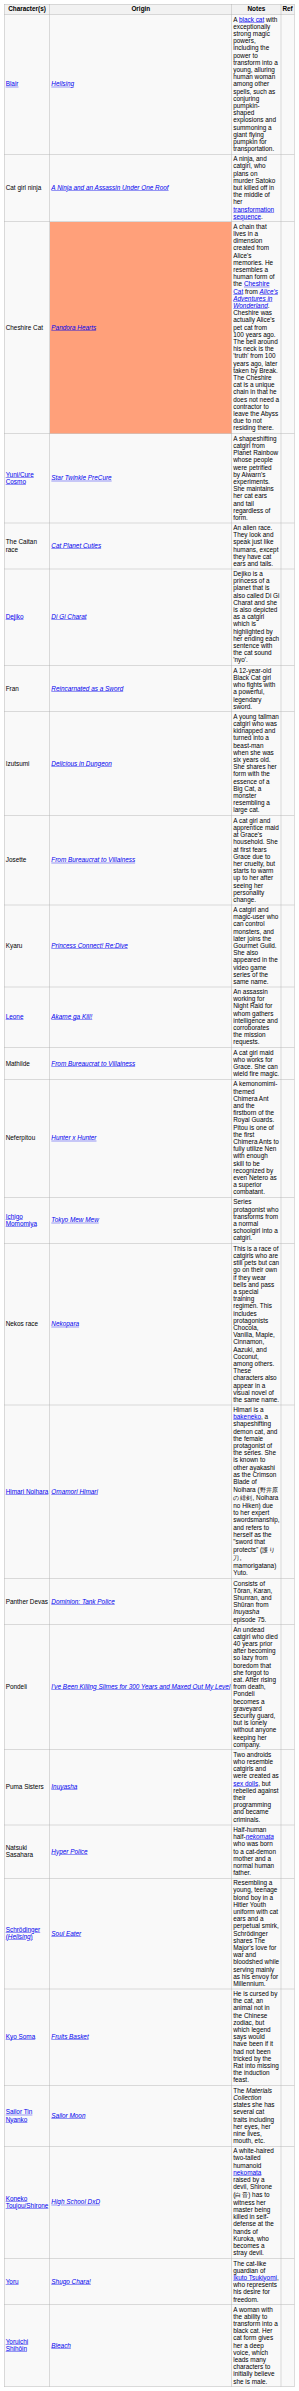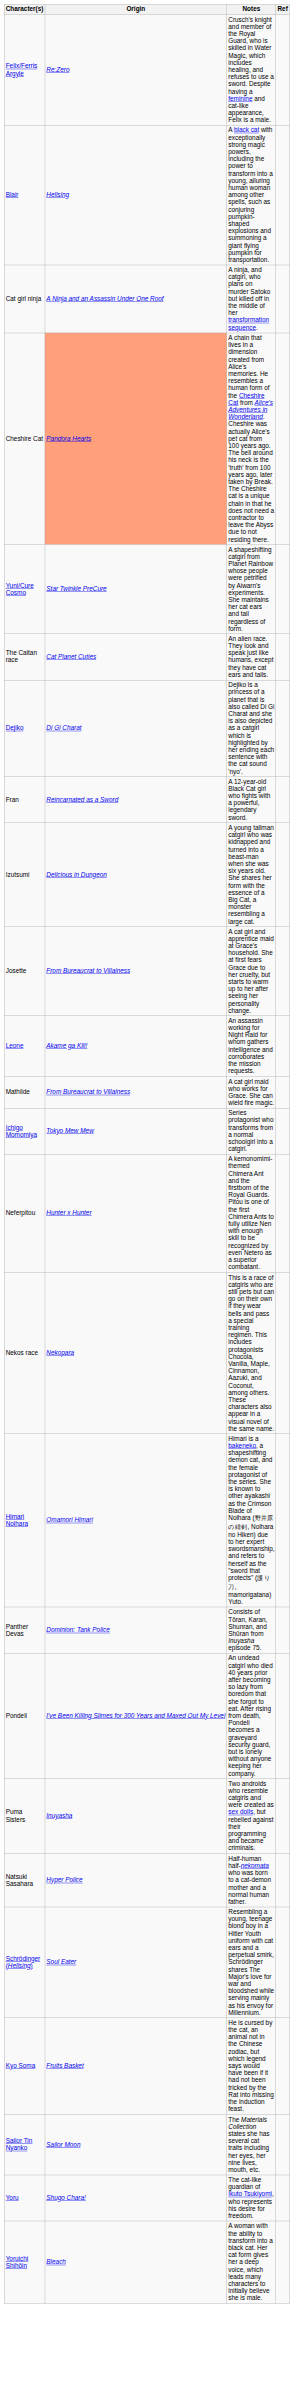 <table class="wikitable sortable">
 <tr>
 <th>Character(s)</th>
 <th>Origin</th>
 <th>Notes</th>
 <th>Ref</th>
+</tr>
+<tr>
+<td><a href='#'>Felix/Ferris Argyle</a></td>
+<td nowrap><em><a href='#'>Re:Zero</a></em></td>
+<td>Crusch's knight and member of the Royal Guard, who is skilled in Water Magic, which includes healing, and refuses to use a sword. Despite having a <a href='#'>feminine</a> and cat-like appearance, Felix is a male.</td>
+<td></td>
 </tr>
 <tr>
 <td><a href='#'>Blair</a></td>
 <td nowrap><em><a href='#'>Hellsing</a></em></td>
 <td>A <a href='#'>black cat</a> with exceptionally strong magic powers, including the power to transform into a young, alluring human woman among other spells, such as conjuring pumpkin-shaped explosions and summoning a giant flying pumpkin for transportation.</td>
 <td></td>
 </tr>
 <tr>
 <td>Cat girl ninja</td>
 <td nowrap><em><a href='#'>A Ninja and an Assassin Under One Roof</a></em></td>
 <td>A ninja, and catgirl, who plans on murder Satoko but killed off in the middle of her <a href='#'>transformation sequence</a>.</td>
 <td></td>
 </tr>
 <tr>
 <td>Cheshire Cat</td>
 <td nowrap style="background: lightsalmon;"><em><a href='#'>Pandora Hearts</a></em></td>
 <td>A chain that lives in a dimension created from Alice's memories. He resembles a human form of the <a href='#'>Cheshire Cat</a> from <em><a href='#'>Alice's Adventures in Wonderland</a></em>. Cheshire was actually Alice's pet cat from 100 years ago. The bell around his neck is the 'truth' from 100 years ago, later taken by Break. The Cheshire cat is a unique chain in that he does not need a contractor to leave the Abyss due to not residing there.</td>
 <td></td>
 </tr>
 <tr>
 <td><a href='#'>Yuni/Cure Cosmo</a></td>
 <td nowrap><em><a href='#'>Star Twinkle PreCure</a></em></td>
 <td>A shapeshifting catgirl from Planet Rainbow whose people were petrified by Aiwarn's experiments. She maintains her cat ears and tail regardless of form.</td>
 <td></td>
 </tr>
 <tr>
 <td>The Caitan race</td>
 <td nowrap><em><a href='#'>Cat Planet Cuties</a></em></td>
 <td>An alien race. They look and speak just like humans, except they have cat ears and tails.</td>
 <td></td>
 </tr>
 <tr>
 <td><a href='#'>Dejiko</a></td>
 <td nowrap><em><a href='#'>Di Gi Charat</a></em></td>
 <td>Dejiko is a princess of a planet that is also called Di Gi Charat and she is also depicted as a catgirl which is highlighted by her ending each sentence with the cat sound 'nyo'.</td>
 <td></td>
 </tr>
 <tr>
 <td>Fran</td>
 <td nowrap><em><a href='#'>Reincarnated as a Sword</a></em></td>
 <td>A 12-year-old Black Cat girl who fights with a powerful, legendary sword.</td>
 <td></td>
 </tr>
 <tr>
 <td>Izutsumi</td>
 <td nowrap><em><a href='#'>Delicious in Dungeon</a></em></td>
 <td>A young tallman catgirl who was kidnapped and turned into a beast-man when she was six years old. She shares her form with the essence of a Big Cat, a monster resembling a large cat.</td>
 <td></td>
 </tr>
 <tr>
 <td>Josette</td>
 <td nowrap><em><a href='#'>From Bureaucrat to Villainess</a></em></td>
 <td>A cat girl and apprentice maid at Grace's household. She at first fears Grace due to her cruelty, but starts to warm up to her after seeing her personality change.</td>
 <td></td>
 </tr>
 <tr>
-<td>Kyaru</td>
-<td nowrap><em><a href='#'>Princess Connect! Re:Dive</a></em></td>
-<td>A catgirl and magic-user who can control monsters, and later joins the Gourmet Guild. She also appeared in the video game series of the same name.</td>
-<td></td>
-</tr>
-<tr>
 <td><a href='#'>Leone</a></td>
 <td nowrap><em><a href='#'>Akame ga Kill!</a></em></td>
 <td>An assassin working for Night Raid for whom gathers intelligence and corroborates the mission requests.</td>
 <td></td>
 </tr>
 <tr>
 <td>Mathilde</td>
 <td nowrap><em><a href='#'>From Bureaucrat to Villainess</a></em></td>
 <td>A cat girl maid who works for Grace. She can wield fire magic.</td>
 <td></td>
 </tr>
 <tr>
+<td><a href='#'>Ichigo Momomiya</a></td>
+<td nowrap><em><a href='#'>Tokyo Mew Mew</a></em></td>
+<td>Series protagonist who transforms from a normal schoolgirl into a catgirl.</td>
+<td></td>
+</tr>
+<tr>
 <td>Neferpitou</td>
 <td nowrap><em><a href='#'>Hunter x Hunter</a></em></td>
 <td>A kemonomimi-themed Chimera Ant and the firstborn of the Royal Guards. Pitou is one of the first Chimera Ants to fully utilize Nen with enough skill to be recognized by even Netero as a superior combatant.</td>
-<td></td>
-</tr>
-<tr>
-<td><a href='#'>Ichigo Momomiya</a></td>
-<td nowrap><em><a href='#'>Tokyo Mew Mew</a></em></td>
-<td>Series protagonist who transforms from a normal schoolgirl into a catgirl.</td>
 <td></td>
 </tr>
 <tr>
 <td>Nekos race</td>
 <td nowrap><em><a href='#'>Nekopara</a></em></td>
 <td>This is a race of catgirls who are still pets but can go on their own if they wear bells and pass a special training regimen. This includes protagonists Chocola, Vanilla, Maple, Cinnamon, Aazuki, and Coconut, among others. These characters also appear in a visual novel of the same name.</td>
 <td></td>
 </tr>
 <tr>
 <td><a href='#'>Himari Noihara</a></td>
 <td nowrap><em><a href='#'>Omamori Himari</a></em></td>
 <td>Himari is a <a href='#'>bakeneko</a>, a shapeshifting demon cat, and the female protagonist of the series. She is known to other ayakashi as the Crimson Blade of Noihara (野井原の緋剣, Noihara no Hiken) due to her expert swordsmanship, and refers to herself as the "sword that protects" (護り刀, mamorigatana) Yuto.</td>
 <td></td>
 </tr>
 <tr>
 <td>Panther Devas</td>
 <td nowrap><em><a href='#'>Dominion: Tank Police</a></em></td>
 <td>Consists of Tōran, Karan, Shunran, and Shūran from <em>Inuyasha</em> episode 75.</td>
 <td></td>
 </tr>
 <tr>
 <td>Pondeli</td>
 <td nowrap><em><a href='#'>I've Been Killing Slimes for 300 Years and Maxed Out My Level</a></em></td>
 <td>An undead catgirl who died 40 years prior after becoming so lazy from boredom that she forgot to eat. After rising from death, Pondeli becomes a graveyard security guard, but is lonely without anyone keeping her company.</td>
 <td></td>
 </tr>
 <tr>
 <td>Puma Sisters</td>
 <td nowrap><em><a href='#'>Inuyasha</a></em></td>
 <td>Two androids who resemble catgirls and were created as <a href='#'>sex dolls</a>, but rebelled against their programming and became criminals.</td>
 <td></td>
 </tr>
 <tr>
 <td>Natsuki Sasahara</td>
 <td nowrap><em><a href='#'>Hyper Police</a></em></td>
 <td>Half-human half-<em><a href='#'>nekomata</a></em> who was born to a cat-demon mother and a normal human father.</td>
 <td></td>
 </tr>
 <tr>
 <td><a href='#'>Schrödinger (<em>Hellsing</em>)</a></td>
 <td nowrap><em><a href='#'>Soul Eater</a></em></td>
 <td>Resembling a young, teenage blond boy in a Hitler Youth uniform with cat ears and a perpetual smirk, Schrödinger shares The Major's love for war and bloodshed while serving mainly as his envoy for Millennium.</td>
 <td></td>
 </tr>
 <tr>
 <td><a href='#'>Kyo Soma</a></td>
 <td nowrap><em><a href='#'>Fruits Basket</a></em></td>
 <td>He is cursed by the cat, an animal not in the Chinese zodiac, but which legend says would have been if it had not been tricked by the Rat into missing the induction feast.</td>
 <td></td>
 </tr>
 <tr>
 <td><a href='#'>Sailor Tin Nyanko</a></td>
 <td nowrap><em><a href='#'>Sailor Moon</a></em></td>
 <td>The <em>Materials Collection</em> states she has several cat traits including her eyes, her nine lives, mouth, etc.</td>
 <td></td>
 </tr>
 <tr>
-<td><a href='#'>Koneko Toujou/Shirone</a></td>
-<td nowrap><em><a href='#'>High School DxD</a></em></td>
-<td>A white-haired two-tailed humanoid <a href='#'>nekomata</a> raised by a devil, Shirone (白音) has to witness her master being killed in self-defense at the hands of Kuroka, who becomes a stray devil.</td>
-<td></td>
-</tr>
-<tr>
 <td><a href='#'>Yoru</a></td>
 <td nowrap><em><a href='#'>Shugo Chara!</a></em></td>
 <td>The cat-like guardian of <a href='#'>Ikuto Tsukiyomi</a>, who represents his desire for freedom.</td>
 <td></td>
 </tr>
 <tr>
 <td><a href='#'>Yoruichi Shihōin</a></td>
 <td nowrap><em><a href='#'>Bleach</a></em></td>
 <td>A woman with the ability to transform into a black cat. Her cat form gives her a deep voice, which leads many characters to initially believe she is male.</td>
 <td></td>
 </tr>
 </table>
